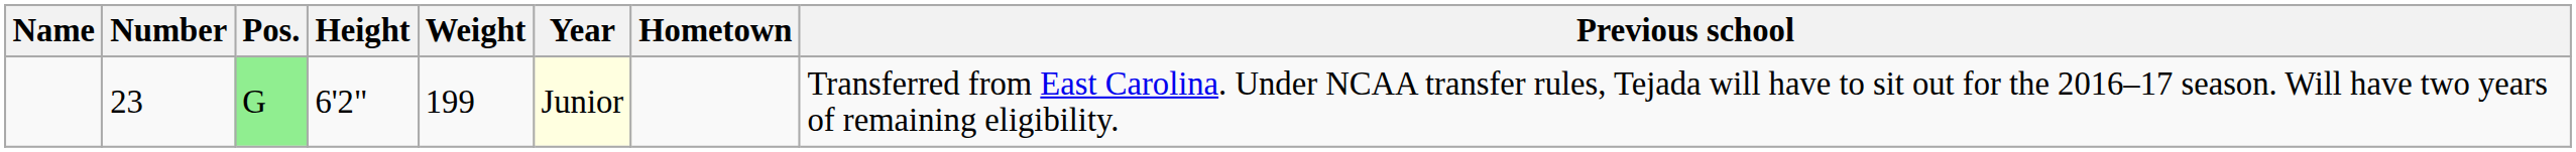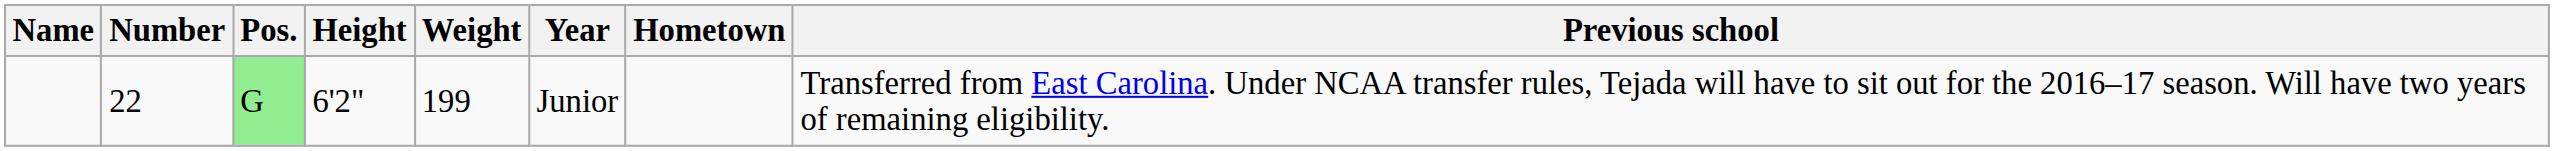 <table class="wikitable sortable" border="1">
 <tr>
 <th>Name</th>
 <th>Number</th>
 <th>Pos.</th>
 <th>Height</th>
 <th>Weight</th>
 <th>Year</th>
 <th>Hometown</th>
 <th class="unsortable">Previous school</th>
 </tr>
 <tr>
 <td></td>
-<td>23</td>
+<td>22</td>
 <td style="background: lightgreen;">G</td>
 <td>6'2"</td>
 <td>199</td>
-<td style="background: lightyellow;">Junior</td>
+<td>Junior</td>
 <td></td>
 <td>Transferred from <a href='#'>East Carolina</a>. Under NCAA transfer rules, Tejada will have to sit out for the 2016–17 season. Will have two years of remaining eligibility.</td>
 </tr>
 </table>
